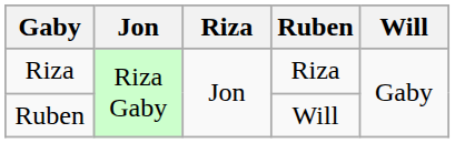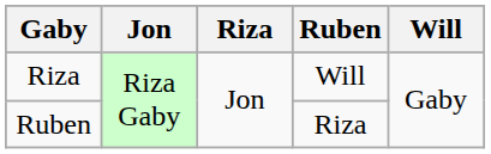 <table class="wikitable" style="font-size:85%; text-align:center">
 <tr>
 <th style="width: 20%;">Gaby</th>
 <th style="width: 20%;">Jon</th>
 <th style="width: 20%;">Riza</th>
 <th style="width: 20%;">Ruben</th>
 <th style="width: 20%;">Will</th>
 </tr>
 <tr>
 <td>Riza</td>
 <td style=" background:#CCFFCC; text-align:center;" rowspan="2">Riza<br>Gaby</td>
 <td rowspan="2">Jon</td>
-<td>Riza</td>
+<td>Will</td>
 <td rowspan="2">Gaby</td>
 </tr>
 <tr>
 <td>Ruben</td>
-<td>Will</td>
+<td>Riza</td>
 </tr>
 </table>
